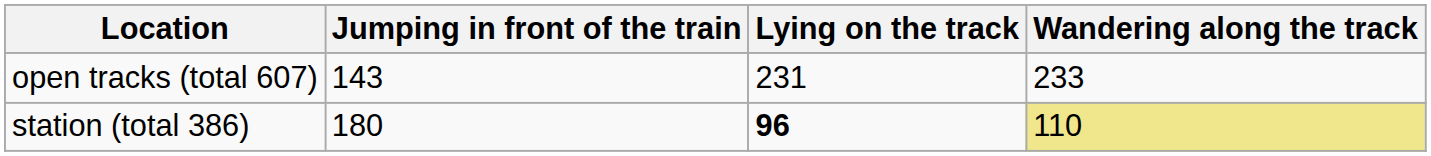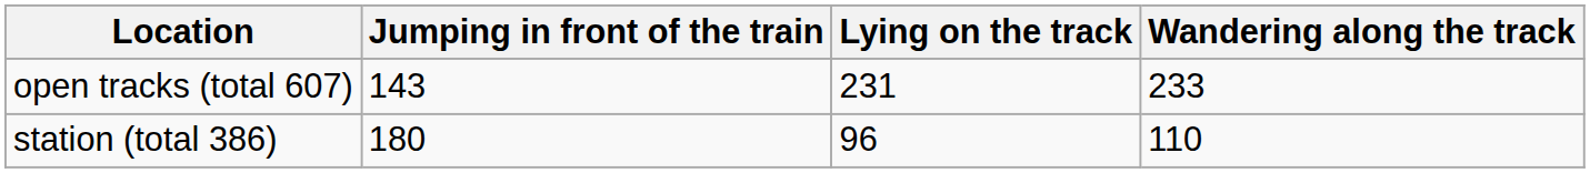 <table class="wikitable">
 <tr>
 <th>Location</th>
 <th>Jumping in front of the train</th>
 <th>Lying on the track</th>
 <th>Wandering along the track</th>
 </tr>
 <tr>
 <td>open tracks (total 607)</td>
 <td>143</td>
 <td>231</td>
 <td>233</td>
 </tr>
 <tr>
 <td>station (total 386)</td>
 <td>180</td>
-<td><strong>96</strong></td>
-<td style="background: khaki;">110</td>
+<td>96</td>
+<td>110</td>
 </tr>
 </table>
